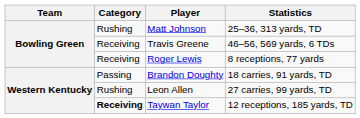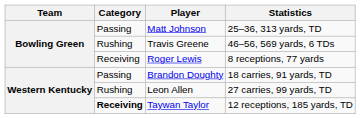 <table class="wikitable" style="float:right">
 <tr>
 <th>Team</th>
 <th>Category</th>
 <th>Player</th>
 <th>Statistics</th>
 </tr>
 <tr>
 <th rowspan=3>Bowling Green</th>
-<td>Rushing</td>
+<td>Passing</td>
 <td><a href='#'>Matt Johnson</a></td>
 <td>25–36, 313 yards, TD</td>
 </tr>
 <tr>
-<td>Receiving</td>
+<td>Rushing</td>
 <td>Travis Greene</td>
 <td>46–56, 569 yards, 6 TDs</td>
 </tr>
 <tr>
 <td>Receiving</td>
 <td><a href='#'>Roger Lewis</a></td>
 <td>8 receptions, 77 yards</td>
 </tr>
 <tr>
 <th rowspan=3>Western Kentucky</th>
 <td>Passing</td>
 <td><a href='#'>Brandon Doughty</a></td>
 <td>18 carries, 91 yards, TD</td>
 </tr>
 <tr>
 <td>Rushing</td>
 <td>Leon Allen</td>
 <td>27 carries, 99 yards, TD</td>
 </tr>
 <tr>
 <td><strong>Receiving</strong></td>
 <td><a href='#'>Taywan Taylor</a></td>
 <td>12 receptions, 185 yards, TD</td>
 </tr>
 </table>
